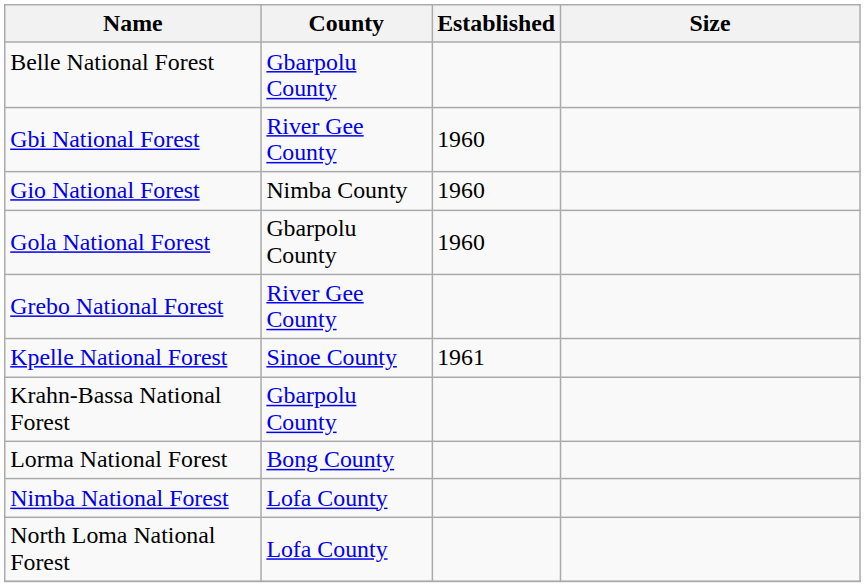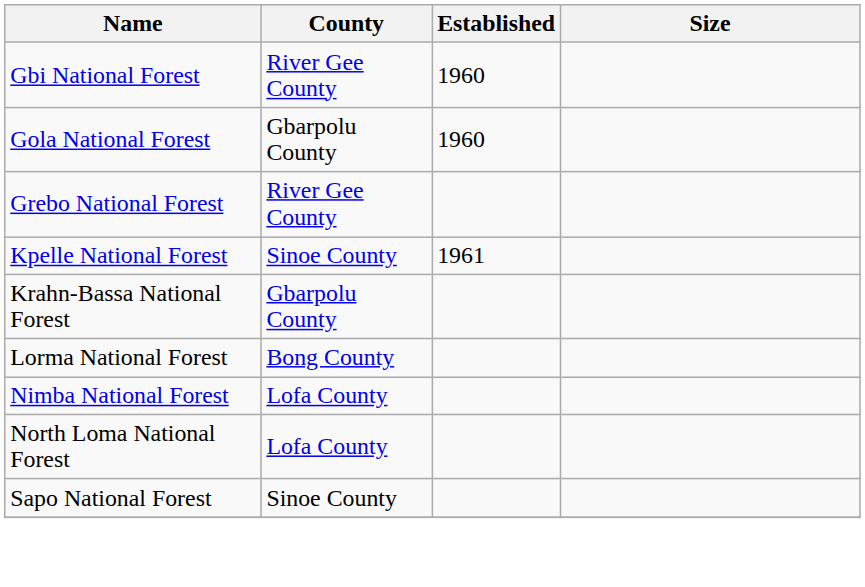 <table class="wikitable sortable" style="width:65%">
 <tr>
 <th width="30%">Name</th>
 <th width="20%">County</th>
 <th width="15%">Established</th>
 <th width="35%">Size</th>
 </tr>
-<tr valign="top">
-<td>Belle National Forest</td>
-<td><a href='#'>Gbarpolu County</a></td>
-<td></td>
-<td></td>
-</tr>
 <tr>
 <td><a href='#'>Gbi National Forest</a></td>
 <td><a href='#'>River Gee County</a></td>
-<td>1960</td>
-<td></td>
-</tr>
-<tr>
-<td><a href='#'>Gio National Forest</a></td>
-<td>Nimba County</td>
 <td>1960</td>
 <td></td>
 </tr>
 <tr>
 <td><a href='#'>Gola National Forest</a></td>
 <td>Gbarpolu County</td>
 <td>1960</td>
 <td></td>
 </tr>
 <tr>
 <td><a href='#'>Grebo National Forest</a></td>
 <td><a href='#'>River Gee County</a></td>
 <td></td>
 <td></td>
 </tr>
 <tr>
 <td><a href='#'>Kpelle National Forest</a></td>
 <td><a href='#'>Sinoe County</a></td>
 <td>1961</td>
 <td></td>
 </tr>
 <tr>
 <td>Krahn-Bassa National Forest</td>
 <td><a href='#'>Gbarpolu County</a></td>
 <td></td>
 <td></td>
 </tr>
 <tr>
 <td>Lorma National Forest</td>
 <td><a href='#'>Bong County</a></td>
 <td></td>
 <td></td>
 </tr>
 <tr>
 <td><a href='#'>Nimba National Forest</a></td>
 <td><a href='#'>Lofa County</a></td>
 <td></td>
 <td></td>
 </tr>
 <tr>
 <td>North Loma National Forest</td>
 <td><a href='#'>Lofa County</a></td>
 <td></td>
 <td></td>
 </tr>
 <tr>
+<td>Sapo National Forest</td>
+<td>Sinoe County</td>
+<td></td>
+<td></td>
+</tr>
+<tr>
 </tr>
 </table>
